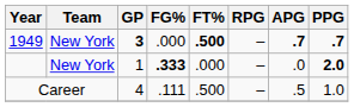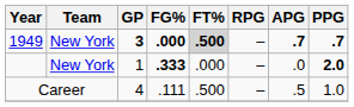 <table class="wikitable sortable" style="font-size:95%; text-align:right;">
 <tr>
 <th>Year</th>
 <th>Team</th>
 <th>GP</th>
 <th>FG%</th>
 <th>FT%</th>
 <th>RPG</th>
 <th>APG</th>
 <th>PPG</th>
 </tr>
 <tr>
 <td style="text-align:left;"><a href='#'>1949</a></td>
 <td style="text-align:left;"><a href='#'>New York</a></td>
 <td><strong>3</strong></td>
-<td>.000</td>
-<td><strong>.500</strong></td>
+<td><strong>.000</strong></td>
+<td style="background: lightgrey;"><strong>.500</strong></td>
 <td>–</td>
 <td><strong>.7</strong></td>
 <td><strong>.7</strong></td>
 </tr>
 <tr>
 <td style="text-align:left;"></td>
 <td style="text-align:left;"><a href='#'>New York</a></td>
 <td>1</td>
 <td><strong>.333</strong></td>
 <td>.000</td>
 <td>–</td>
 <td>.0</td>
 <td><strong>2.0</strong></td>
 </tr>
 <tr>
 <td style="text-align:center;" colspan="2">Career</td>
 <td>4</td>
 <td>.111</td>
 <td>.500</td>
 <td>–</td>
 <td>.5</td>
 <td>1.0</td>
 </tr>
 <tr>
 </tr>
 </table>
